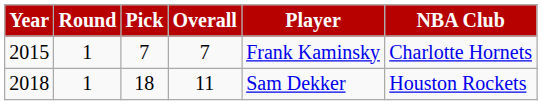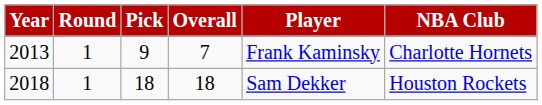 <table class="wikitable" style="text-align:center">
 <tr style="background:#b70101;color:white;">
 <td><strong>Year</strong></td>
 <td><strong>Round</strong></td>
 <td><strong>Pick</strong></td>
 <td><strong>Overall</strong></td>
 <td><strong>Player</strong></td>
 <td><strong>NBA Club</strong></td>
 </tr>
 <tr>
-<td>2015</td>
+<td>2013</td>
 <td>1</td>
-<td>7</td>
+<td>9</td>
 <td>7</td>
 <td align=left><a href='#'>Frank Kaminsky</a></td>
 <td align=left><a href='#'>Charlotte Hornets</a></td>
 </tr>
 <tr>
 <td>2018</td>
 <td>1</td>
 <td>18</td>
-<td>11</td>
+<td>18</td>
 <td align=left><a href='#'>Sam Dekker</a></td>
 <td align=left><a href='#'>Houston Rockets</a></td>
 </tr>
 </table>
